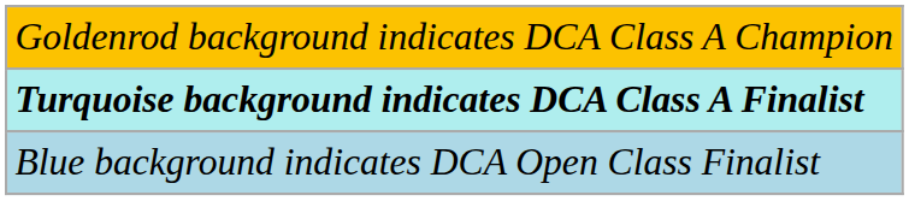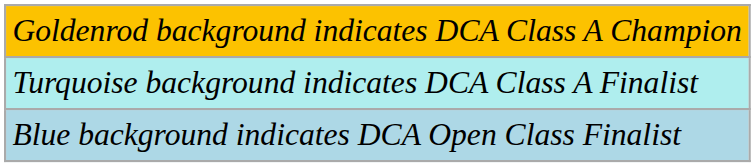 <table class="wikitable" style="font-size:95%;">
 <tr>
 <td style="background-color:#fcc200"><em>Goldenrod background indicates DCA Class A Champion</em></td>
 </tr>
 <tr>
-<td style="background-color:#AFEEEE"><strong><em>Turquoise background indicates DCA Class A Finalist</em></strong></td>
+<td style="background-color:#AFEEEE"><em>Turquoise background indicates DCA Class A Finalist</em></td>
 </tr>
 <tr>
 <td style="background-color:#add8e6"><em>Blue background indicates DCA Open Class Finalist</em></td>
 </tr>
 </table>
